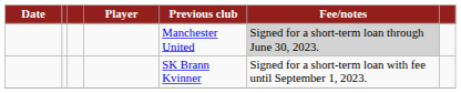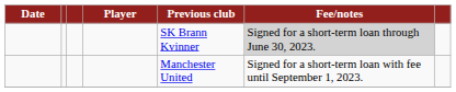 <table class="wikitable sortable">
 <tr>
 <th style="background:#921f1c; color:#fff; width:110px;" scope="col">Date</th>
 <th style="background:#921f1c; color:#fff;" scope="col"></th>
 <th style="background:#921f1c; color:#fff; width:30px;" scope="col"></th>
 <th style="background:#921f1c; color:#fff; width:150px;" scope="col">Player</th>
 <th style="background:#921f1c; color:#fff; width:150px;" scope="col">Previous club</th>
 <th style="background:#921f1c; color:#fff; width:450px;" scope="col">Fee/notes</th>
 <th style="background:#921f1c; color:#fff; width:30px;" scope="col"></th>
 </tr>
 <tr>
 <td></td>
 <td></td>
 <td></td>
 <td></td>
-<td> <a href='#'>Manchester United</a></td>
+<td> <a href='#'>SK Brann Kvinner</a></td>
 <td style="background: lightgrey;">Signed for a short-term loan through June 30, 2023.</td>
 <td></td>
 </tr>
 <tr>
 <td></td>
 <td></td>
 <td></td>
 <td></td>
-<td> <a href='#'>SK Brann Kvinner</a></td>
+<td> <a href='#'>Manchester United</a></td>
 <td>Signed for a short-term loan with fee until September 1, 2023.</td>
 <td></td>
 </tr>
 <tr>
 </tr>
 </table>
